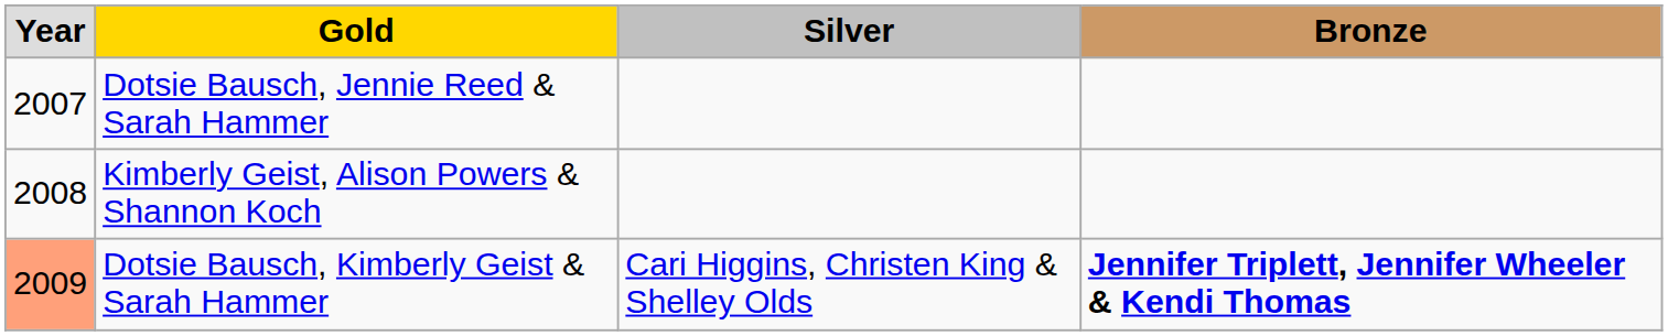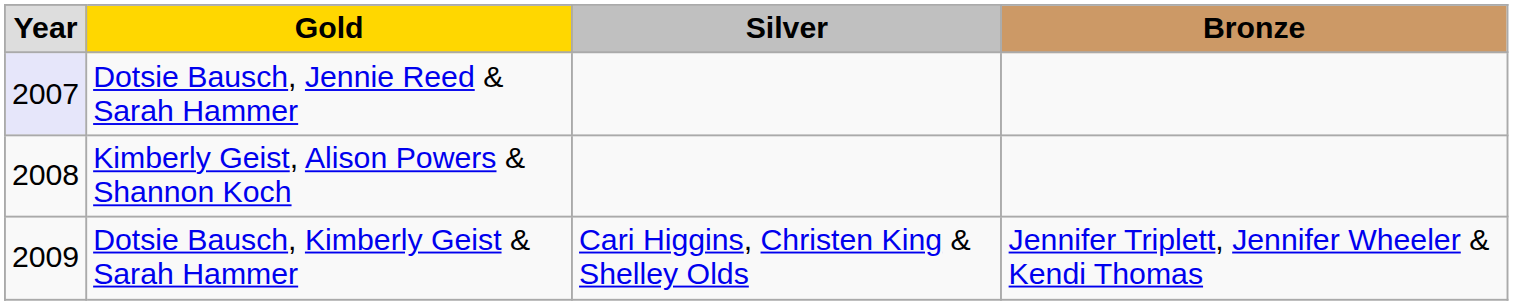 <table class="wikitable" style="width: 90%; text-align:left;">
 <tr>
 <td style="background:#DDDDDD; font-weight:bold; text-align:center;">Year</td>
 <td style="background:gold; font-weight:bold; text-align:center;">Gold</td>
 <td style="background:silver; font-weight:bold; text-align:center;">Silver</td>
 <td style="background:#cc9966; font-weight:bold; text-align:center;">Bronze</td>
 </tr>
 <tr>
-<td>2007</td>
+<td style="background: lavender;">2007</td>
 <td><a href='#'>Dotsie Bausch</a>, <a href='#'>Jennie Reed</a> & <a href='#'>Sarah Hammer</a></td>
 <td></td>
 </tr>
 <tr>
 <td>2008</td>
 <td><a href='#'>Kimberly Geist</a>, <a href='#'>Alison Powers</a> & <a href='#'>Shannon Koch</a></td>
 <td></td>
 <td></td>
 </tr>
 <tr>
-<td style="background: lightsalmon;">2009</td>
+<td>2009</td>
 <td><a href='#'>Dotsie Bausch</a>, <a href='#'>Kimberly Geist</a> & <a href='#'>Sarah Hammer</a></td>
 <td><a href='#'>Cari Higgins</a>, <a href='#'>Christen King</a> & <a href='#'>Shelley Olds</a></td>
-<td><strong><a href='#'>Jennifer Triplett</a>, <a href='#'>Jennifer Wheeler</a> & <a href='#'>Kendi Thomas</a></strong></td>
+<td><a href='#'>Jennifer Triplett</a>, <a href='#'>Jennifer Wheeler</a> & <a href='#'>Kendi Thomas</a></td>
 </tr>
 </table>
